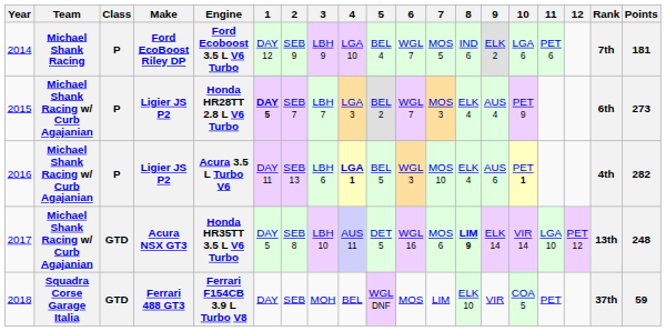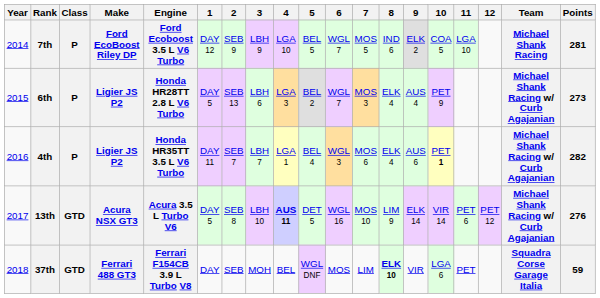 <table class="wikitable" style="text-align:center; font-size:90%">
 <tr>
 <th>Year</th>
-<th>Team</th>
+<th>Rank</th>
 <th>Class</th>
 <th>Make</th>
 <th>Engine</th>
 <th>1</th>
 <th>2</th>
 <th>3</th>
 <th>4</th>
 <th>5</th>
 <th>6</th>
 <th>7</th>
 <th>8</th>
 <th>9</th>
 <th>10</th>
 <th>11</th>
 <th>12</th>
-<th>Rank</th>
+<th>Team</th>
 <th>Points</th>
 </tr>
 <tr>
 <td><a href='#'>2014</a></td>
-<th><a href='#'>Michael Shank Racing</a></th>
+<th>7th</th>
 <th>P</th>
 <th><a href='#'>Ford EcoBoost Riley DP</a></th>
 <th><a href='#'>Ford</a> <a href='#'>Ecoboost</a> 3.5 L <a href='#'>V6</a> <a href='#'>Turbo</a></th>
 <td style="background:#DFFFDF;"><a href='#'>DAY</a><br><small>12</small></td>
 <td style="background:#DFFFDF;"><a href='#'>SEB</a><br><small>9</small></td>
 <td style="background:#EFCFFF;"><a href='#'>LBH</a><br><small>9</small></td>
 <td style="background:#EFCFFF;"><a href='#'>LGA</a><br><small>10</small></td>
-<td style="background:#DFFFDF;"><a href='#'>BEL</a><br><small>4</small></td>
+<td style="background:#DFFFDF;"><a href='#'>BEL</a><br><small>5</small></td>
 <td style="background:#DFFFDF;"><a href='#'>WGL</a><br><small>7</small></td>
 <td style="background:#DFFFDF;"><a href='#'>MOS</a><br><small>5</small></td>
 <td style="background:#DFFFDF;"><a href='#'>IND</a><br><small>6</small></td>
 <td style="background:#DFDFDF;"><a href='#'>ELK</a><br><small>2</small></td>
-<td style="background:#DFFFDF;"><a href='#'>LGA</a><br><small>6</small></td>
-<td style="background:#DFFFDF;"><a href='#'>PET</a><br><small>6</small></td>
+<td style="background:#DFFFDF;"><a href='#'>COA</a><br><small>5</small></td>
+<td style="background:#DFFFDF;"><a href='#'>LGA</a><br><small>10</small></td>
 <td></td>
-<th>7th</th>
-<th>181</th>
+<th><a href='#'>Michael Shank Racing</a></th>
+<th>281</th>
 </tr>
 <tr>
 <td><a href='#'>2015</a></td>
-<th><a href='#'>Michael Shank Racing</a> w/ <a href='#'>Curb Agajanian</a></th>
+<th>6th</th>
 <th>P</th>
 <th><a href='#'>Ligier JS P2</a></th>
 <th><a href='#'>Honda</a> HR28TT 2.8 L <a href='#'>V6</a> <a href='#'>Turbo</a></th>
-<td style="background:#EFCFFF;"><strong><a href='#'>DAY</a><br><small>5</small></strong></td>
-<td style="background:#EFCFFF;"><a href='#'>SEB</a><br><small>7</small></td>
-<td style="background:#DFFFDF;"><a href='#'>LBH</a><br><small>7</small></td>
+<td style="background:#EFCFFF;"><a href='#'>DAY</a><br><small>5</small></td>
+<td style="background:#EFCFFF;"><a href='#'>SEB</a><br><small>13</small></td>
+<td style="background:#DFFFDF;"><a href='#'>LBH</a><br><small>6</small></td>
 <td style="background:#FFDF9F;"><a href='#'>LGA</a><br><small>3</small></td>
 <td style="background:#DFDFDF;"><a href='#'>BEL</a><br><small>2</small></td>
 <td style="background:#EFCFFF;"><a href='#'>WGL</a><br><small>7</small></td>
 <td style="background:#FFDF9F;"><a href='#'>MOS</a><br><small>3</small></td>
 <td style="background:#DFFFDF;"><a href='#'>ELK</a><br><small>4</small></td>
 <td style="background:#DFFFDF;"><a href='#'>AUS</a><br><small>4</small></td>
 <td style="background:#EFCFFF;"><a href='#'>PET</a><br><small>9</small></td>
 <td></td>
 <td></td>
-<th>6th</th>
+<th><a href='#'>Michael Shank Racing</a> w/ <a href='#'>Curb Agajanian</a></th>
 <th>273</th>
 </tr>
 <tr>
 <td><a href='#'>2016</a></td>
-<th><a href='#'>Michael Shank Racing</a> w/ <a href='#'>Curb Agajanian</a></th>
+<th>4th</th>
 <th>P</th>
 <th><a href='#'>Ligier JS P2</a></th>
-<th><a href='#'>Acura</a> 3.5 L <a href='#'>Turbo</a> <a href='#'>V6</a></th>
+<th><a href='#'>Honda</a> HR35TT 3.5 L <a href='#'>V6</a> <a href='#'>Turbo</a></th>
 <td style="background:#EFCFFF;"><a href='#'>DAY</a><br><small>11</small></td>
-<td style="background:#EFCFFF;"><a href='#'>SEB</a><br><small>13</small></td>
-<td style="background:#DFFFDF;"><a href='#'>LBH</a><br><small>6</small></td>
-<td style="background:#FFFFBF;"><strong><a href='#'>LGA</a><br><small>1</small></strong></td>
-<td style="background:#DFFFDF;"><a href='#'>BEL</a><br><small>5</small></td>
+<td style="background:#EFCFFF;"><a href='#'>SEB</a><br><small>7</small></td>
+<td style="background:#DFFFDF;"><a href='#'>LBH</a><br><small>7</small></td>
+<td style="background:#FFFFBF;"><a href='#'>LGA</a><br><small>1</small></td>
+<td style="background:#DFFFDF;"><a href='#'>BEL</a><br><small>4</small></td>
 <td style="background:#FFDF9F;"><a href='#'>WGL</a><br><small>3</small></td>
-<td style="background:#DFFFDF;"><a href='#'>MOS</a><br><small>10</small></td>
+<td style="background:#DFFFDF;"><a href='#'>MOS</a><br><small>6</small></td>
 <td style="background:#DFFFDF;"><a href='#'>ELK</a><br><small>4</small></td>
 <td style="background:#DFFFDF;"><a href='#'>AUS</a><br><small>6</small></td>
 <td style="background:#FFFFBF;"><a href='#'>PET</a><br><small><strong>1</strong></small></td>
 <td></td>
 <td></td>
-<th>4th</th>
+<th><a href='#'>Michael Shank Racing</a> w/ <a href='#'>Curb Agajanian</a></th>
 <th>282</th>
 </tr>
 <tr>
 <td><a href='#'>2017</a></td>
-<th><a href='#'>Michael Shank Racing</a> w/ <a href='#'>Curb Agajanian</a></th>
+<th>13th</th>
 <th>GTD</th>
 <th><a href='#'>Acura NSX GT3</a></th>
-<th><a href='#'>Honda</a> HR35TT 3.5 L <a href='#'>V6</a> <a href='#'>Turbo</a></th>
+<th><a href='#'>Acura</a> 3.5 L <a href='#'>Turbo</a> <a href='#'>V6</a></th>
 <td style="background:#DFFFDF;"><a href='#'>DAY</a><br><small>5</small></td>
 <td style="background:#DFFFDF;"><a href='#'>SEB</a><br><small>8</small></td>
 <td style="background:#EFCFFF;"><a href='#'>LBH</a><br><small>10</small></td>
-<td style="background:#CFCFFF;"><a href='#'>AUS</a><br><small>11</small></td>
+<td style="background:#CFCFFF;"><strong><a href='#'>AUS</a><br><small>11</small></strong></td>
 <td style="background:#DFFFDF;"><a href='#'>DET</a><br><small>5</small></td>
 <td style="background:#EFCFFF;"><a href='#'>WGL</a><br><small>16</small></td>
-<td style="background:#DFFFDF;"><a href='#'>MOS</a><br><small>6</small></td>
-<td style="background:#DFFFDF;"><strong><a href='#'>LIM</a><br><small>9</small></strong></td>
+<td style="background:#DFFFDF;"><a href='#'>MOS</a><br><small>10</small></td>
+<td style="background:#DFFFDF;"><a href='#'>LIM</a><br><small>9</small></td>
 <td style="background:#EFCFFF;"><a href='#'>ELK</a><br><small>14</small></td>
 <td style="background:#EFCFFF;"><a href='#'>VIR</a><br><small>14</small></td>
-<td style="background:#DFFFDF;"><a href='#'>LGA</a><br><small>10</small></td>
+<td style="background:#DFFFDF;"><a href='#'>PET</a><br><small>6</small></td>
 <td style="background:#EFCFFF;"><a href='#'>PET</a><br><small>12</small></td>
-<th>13th</th>
-<th>248</th>
+<th><a href='#'>Michael Shank Racing</a> w/ <a href='#'>Curb Agajanian</a></th>
+<th>276</th>
 </tr>
 <tr>
 <td><a href='#'>2018</a></td>
-<th><a href='#'>Squadra Corse Garage Italia</a></th>
+<th>37th</th>
 <th>GTD</th>
 <th><a href='#'>Ferrari 488 GT3</a></th>
 <th><a href='#'>Ferrari F154CB</a> 3.9 L <a href='#'>Turbo</a> <a href='#'>V8</a></th>
 <td style="background:#;"><a href='#'>DAY</a><br></td>
 <td style="background:#;"><a href='#'>SEB</a><br></td>
 <td style="background:#;"><a href='#'>MOH</a><br></td>
 <td style="background:#;"><a href='#'>BEL</a><br></td>
 <td style="background:#EFCFFF;"><a href='#'>WGL</a><br><small>DNF</small></td>
 <td style="background:#;"><a href='#'>MOS</a><br></td>
 <td style="background:#;"><a href='#'>LIM</a><br></td>
-<td style="background:#DFFFDF;"><a href='#'>ELK</a><br><small>10</small></td>
+<td style="background:#DFFFDF;"><strong><a href='#'>ELK</a><br><small>10</small></strong></td>
 <td style="background:#;"><a href='#'>VIR</a><br></td>
-<td style="background:#DFFFDF;"><a href='#'>COA</a><br><small>5</small></td>
+<td style="background:#DFFFDF;"><a href='#'>LGA</a><br><small>6</small></td>
 <td style="background:#;"><a href='#'>PET</a><br><small></small></td>
 <td></td>
-<th>37th</th>
+<th><a href='#'>Squadra Corse Garage Italia</a></th>
 <th>59</th>
 </tr>
 </table>
